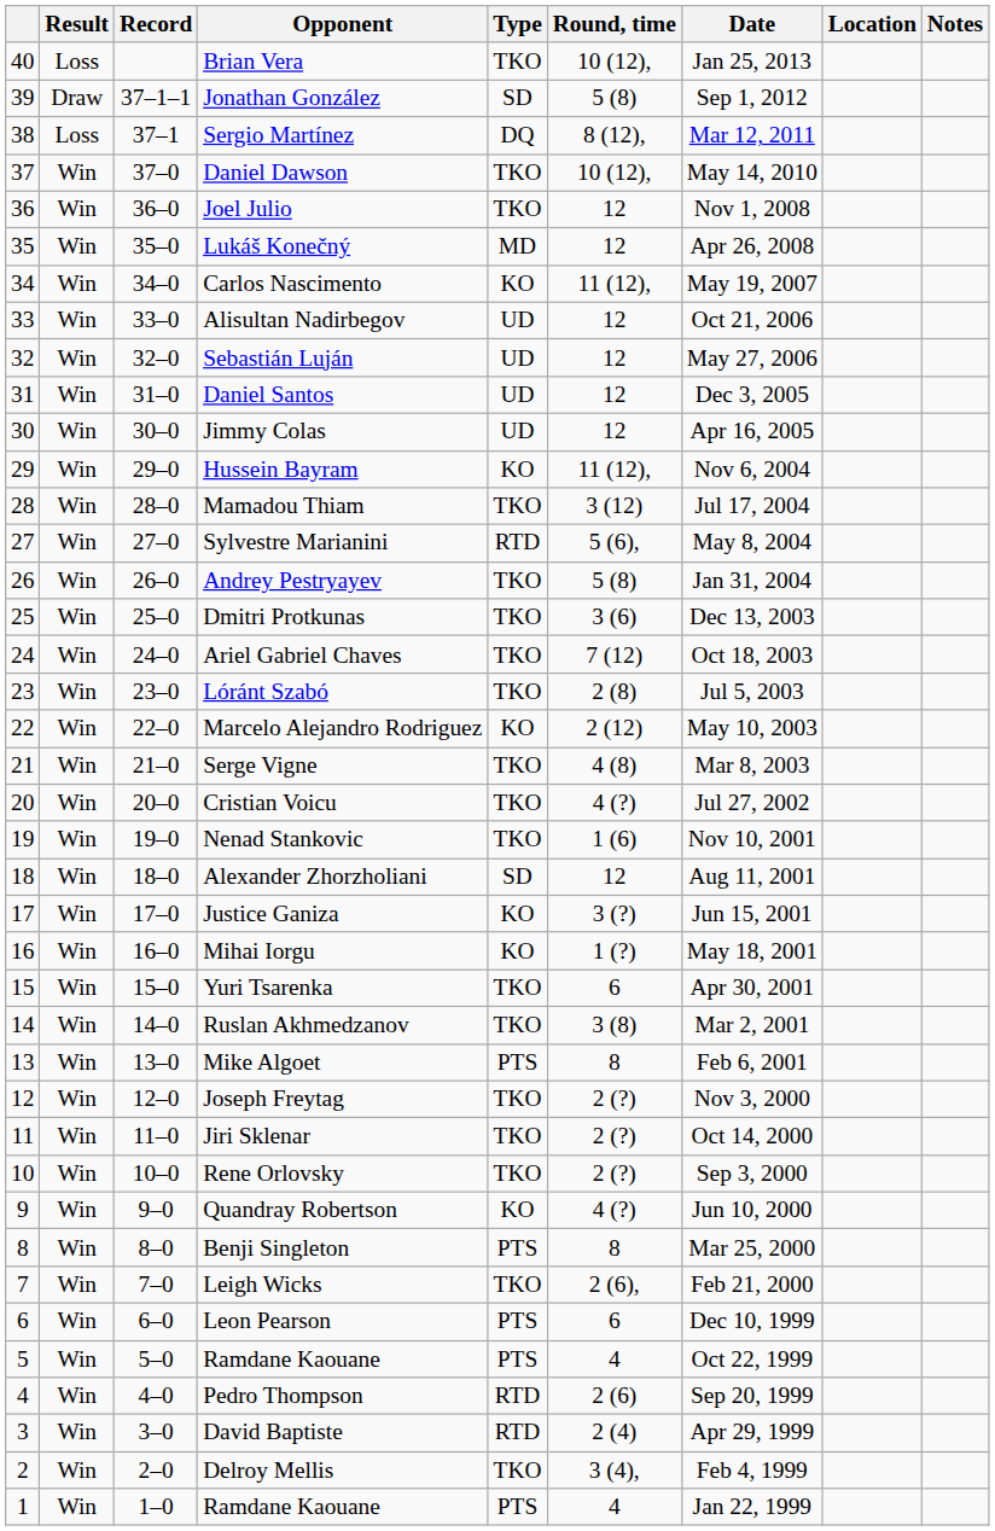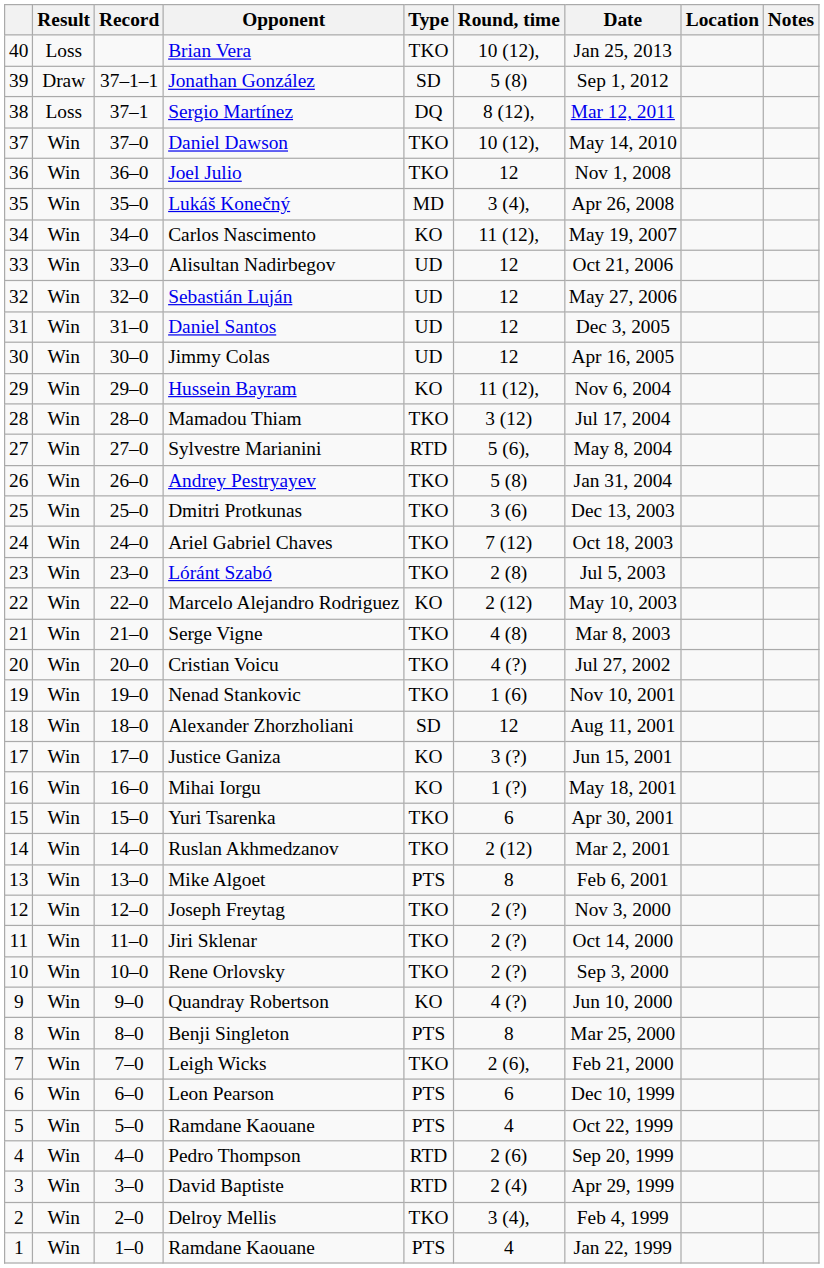 <table class="wikitable" style="text-align:center">
 <tr>
 <th></th>
 <th>Result</th>
 <th>Record</th>
 <th>Opponent</th>
 <th>Type</th>
 <th>Round, time</th>
 <th>Date</th>
 <th>Location</th>
 <th>Notes</th>
 </tr>
 <tr>
 <td>40</td>
 <td>Loss</td>
 <td></td>
 <td align=left><a href='#'>Brian Vera</a></td>
 <td>TKO</td>
 <td>10 (12), </td>
 <td>Jan 25, 2013</td>
 <td align=left></td>
 <td align=left></td>
 </tr>
 <tr>
 <td>39</td>
 <td>Draw</td>
 <td>37–1–1</td>
 <td align=left><a href='#'>Jonathan González</a></td>
 <td>SD</td>
 <td>5 (8)</td>
 <td>Sep 1, 2012</td>
 <td align=left></td>
 <td align=left></td>
 </tr>
 <tr>
 <td>38</td>
 <td>Loss</td>
 <td>37–1</td>
 <td align=left><a href='#'>Sergio Martínez</a></td>
 <td>DQ</td>
 <td>8 (12), </td>
 <td><a href='#'>Mar 12, 2011</a></td>
 <td align=left></td>
 <td align=left></td>
 </tr>
 <tr>
 <td>37</td>
 <td>Win</td>
 <td>37–0</td>
 <td align=left><a href='#'>Daniel Dawson</a></td>
 <td>TKO</td>
 <td>10 (12), </td>
 <td>May 14, 2010</td>
 <td align=left></td>
 <td align=left></td>
 </tr>
 <tr>
 <td>36</td>
 <td>Win</td>
 <td>36–0</td>
 <td align=left><a href='#'>Joel Julio</a></td>
 <td>TKO</td>
 <td>12</td>
 <td>Nov 1, 2008</td>
 <td align=left></td>
 <td align=left></td>
 </tr>
 <tr>
 <td>35</td>
 <td>Win</td>
 <td>35–0</td>
 <td align=left><a href='#'>Lukáš Konečný</a></td>
 <td>MD</td>
-<td>12</td>
+<td>3 (4), </td>
 <td>Apr 26, 2008</td>
 <td align=left></td>
 <td align=left></td>
 </tr>
 <tr>
 <td>34</td>
 <td>Win</td>
 <td>34–0</td>
 <td align=left>Carlos Nascimento</td>
 <td>KO</td>
 <td>11 (12), </td>
 <td>May 19, 2007</td>
 <td align=left></td>
 <td align=left></td>
 </tr>
 <tr>
 <td>33</td>
 <td>Win</td>
 <td>33–0</td>
 <td align=left>Alisultan Nadirbegov</td>
 <td>UD</td>
 <td>12</td>
 <td>Oct 21, 2006</td>
 <td align=left></td>
 <td align=left></td>
 </tr>
 <tr>
 <td>32</td>
 <td>Win</td>
 <td>32–0</td>
 <td align=left><a href='#'>Sebastián Luján</a></td>
 <td>UD</td>
 <td>12</td>
 <td>May 27, 2006</td>
 <td align=left></td>
 <td align=left></td>
 </tr>
 <tr>
 <td>31</td>
 <td>Win</td>
 <td>31–0</td>
 <td align=left><a href='#'>Daniel Santos</a></td>
 <td>UD</td>
 <td>12</td>
 <td>Dec 3, 2005</td>
 <td align=left></td>
 <td align=left></td>
 </tr>
 <tr>
 <td>30</td>
 <td>Win</td>
 <td>30–0</td>
 <td align=left>Jimmy Colas</td>
 <td>UD</td>
 <td>12</td>
 <td>Apr 16, 2005</td>
 <td align=left></td>
 <td align=left></td>
 </tr>
 <tr>
 <td>29</td>
 <td>Win</td>
 <td>29–0</td>
 <td align=left><a href='#'>Hussein Bayram</a></td>
 <td>KO</td>
 <td>11 (12), </td>
 <td>Nov 6, 2004</td>
 <td align=left></td>
 <td align=left></td>
 </tr>
 <tr>
 <td>28</td>
 <td>Win</td>
 <td>28–0</td>
 <td align=left>Mamadou Thiam</td>
 <td>TKO</td>
 <td>3 (12)</td>
 <td>Jul 17, 2004</td>
 <td align=left></td>
 <td align=left></td>
 </tr>
 <tr>
 <td>27</td>
 <td>Win</td>
 <td>27–0</td>
 <td align=left>Sylvestre Marianini</td>
 <td>RTD</td>
 <td>5 (6), </td>
 <td>May 8, 2004</td>
 <td align=left></td>
 <td align=left></td>
 </tr>
 <tr>
 <td>26</td>
 <td>Win</td>
 <td>26–0</td>
 <td align=left><a href='#'>Andrey Pestryayev</a></td>
 <td>TKO</td>
 <td>5 (8)</td>
 <td>Jan 31, 2004</td>
 <td align=left></td>
 <td align=left></td>
 </tr>
 <tr>
 <td>25</td>
 <td>Win</td>
 <td>25–0</td>
 <td align=left>Dmitri Protkunas</td>
 <td>TKO</td>
 <td>3 (6)</td>
 <td>Dec 13, 2003</td>
 <td align=left></td>
 <td align=left></td>
 </tr>
 <tr>
 <td>24</td>
 <td>Win</td>
 <td>24–0</td>
 <td align=left>Ariel Gabriel Chaves</td>
 <td>TKO</td>
 <td>7 (12)</td>
 <td>Oct 18, 2003</td>
 <td align=left></td>
 <td align=left></td>
 </tr>
 <tr>
 <td>23</td>
 <td>Win</td>
 <td>23–0</td>
 <td align=left><a href='#'>Lóránt Szabó</a></td>
 <td>TKO</td>
 <td>2 (8)</td>
 <td>Jul 5, 2003</td>
 <td align=left></td>
 <td align=left></td>
 </tr>
 <tr>
 <td>22</td>
 <td>Win</td>
 <td>22–0</td>
 <td align=left>Marcelo Alejandro Rodriguez</td>
 <td>KO</td>
 <td>2 (12)</td>
 <td>May 10, 2003</td>
 <td align=left></td>
 <td align=left></td>
 </tr>
 <tr>
 <td>21</td>
 <td>Win</td>
 <td>21–0</td>
 <td align=left>Serge Vigne</td>
 <td>TKO</td>
 <td>4 (8)</td>
 <td>Mar 8, 2003</td>
 <td align=left></td>
 <td align=left></td>
 </tr>
 <tr>
 <td>20</td>
 <td>Win</td>
 <td>20–0</td>
 <td align=left>Cristian Voicu</td>
 <td>TKO</td>
 <td>4 (?)</td>
 <td>Jul 27, 2002</td>
 <td align=left></td>
 <td align=left></td>
 </tr>
 <tr>
 <td>19</td>
 <td>Win</td>
 <td>19–0</td>
 <td align=left>Nenad Stankovic</td>
 <td>TKO</td>
 <td>1 (6)</td>
 <td>Nov 10, 2001</td>
 <td align=left></td>
 <td align=left></td>
 </tr>
 <tr>
 <td>18</td>
 <td>Win</td>
 <td>18–0</td>
 <td align=left>Alexander Zhorzholiani</td>
 <td>SD</td>
 <td>12</td>
 <td>Aug 11, 2001</td>
 <td align=left></td>
 <td align=left></td>
 </tr>
 <tr>
 <td>17</td>
 <td>Win</td>
 <td>17–0</td>
 <td align=left>Justice Ganiza</td>
 <td>KO</td>
 <td>3 (?)</td>
 <td>Jun 15, 2001</td>
 <td align=left></td>
 <td align=left></td>
 </tr>
 <tr>
 <td>16</td>
 <td>Win</td>
 <td>16–0</td>
 <td align=left>Mihai Iorgu</td>
 <td>KO</td>
 <td>1 (?)</td>
 <td>May 18, 2001</td>
 <td align=left></td>
 <td align=left></td>
 </tr>
 <tr>
 <td>15</td>
 <td>Win</td>
 <td>15–0</td>
 <td align=left>Yuri Tsarenka</td>
 <td>TKO</td>
 <td>6</td>
 <td>Apr 30, 2001</td>
 <td align=left></td>
 <td align=left></td>
 </tr>
 <tr>
 <td>14</td>
 <td>Win</td>
 <td>14–0</td>
 <td align=left>Ruslan Akhmedzanov</td>
 <td>TKO</td>
-<td>3 (8)</td>
+<td>2 (12)</td>
 <td>Mar 2, 2001</td>
 <td align=left></td>
 <td align=left></td>
 </tr>
 <tr>
 <td>13</td>
 <td>Win</td>
 <td>13–0</td>
 <td align=left>Mike Algoet</td>
 <td>PTS</td>
 <td>8</td>
 <td>Feb 6, 2001</td>
 <td align=left></td>
 <td align=left></td>
 </tr>
 <tr>
 <td>12</td>
 <td>Win</td>
 <td>12–0</td>
 <td align=left>Joseph Freytag</td>
 <td>TKO</td>
 <td>2 (?)</td>
 <td>Nov 3, 2000</td>
 <td align=left></td>
 <td align=left></td>
 </tr>
 <tr>
 <td>11</td>
 <td>Win</td>
 <td>11–0</td>
 <td align=left>Jiri Sklenar</td>
 <td>TKO</td>
 <td>2 (?)</td>
 <td>Oct 14, 2000</td>
 <td align=left></td>
 <td align=left></td>
 </tr>
 <tr>
 <td>10</td>
 <td>Win</td>
 <td>10–0</td>
 <td align=left>Rene Orlovsky</td>
 <td>TKO</td>
 <td>2 (?)</td>
 <td>Sep 3, 2000</td>
 <td align=left></td>
 <td align=left></td>
 </tr>
 <tr>
 <td>9</td>
 <td>Win</td>
 <td>9–0</td>
 <td align=left>Quandray Robertson</td>
 <td>KO</td>
 <td>4 (?)</td>
 <td>Jun 10, 2000</td>
 <td align=left></td>
 <td align=left></td>
 </tr>
 <tr>
 <td>8</td>
 <td>Win</td>
 <td>8–0</td>
 <td align=left>Benji Singleton</td>
 <td>PTS</td>
 <td>8</td>
 <td>Mar 25, 2000</td>
 <td align=left></td>
 <td align=left></td>
 </tr>
 <tr>
 <td>7</td>
 <td>Win</td>
 <td>7–0</td>
 <td align=left>Leigh Wicks</td>
 <td>TKO</td>
 <td>2 (6), </td>
 <td>Feb 21, 2000</td>
 <td align=left></td>
 <td align=left></td>
 </tr>
 <tr>
 <td>6</td>
 <td>Win</td>
 <td>6–0</td>
 <td align=left>Leon Pearson</td>
 <td>PTS</td>
 <td>6</td>
 <td>Dec 10, 1999</td>
 <td align=left></td>
 <td align=left></td>
 </tr>
 <tr>
 <td>5</td>
 <td>Win</td>
 <td>5–0</td>
 <td align=left>Ramdane Kaouane</td>
 <td>PTS</td>
 <td>4</td>
 <td>Oct 22, 1999</td>
 <td align=left></td>
 <td align=left></td>
 </tr>
 <tr>
 <td>4</td>
 <td>Win</td>
 <td>4–0</td>
 <td align=left>Pedro Thompson</td>
 <td>RTD</td>
 <td>2 (6)</td>
 <td>Sep 20, 1999</td>
 <td align=left></td>
 <td align=left></td>
 </tr>
 <tr>
 <td>3</td>
 <td>Win</td>
 <td>3–0</td>
 <td align=left>David Baptiste</td>
 <td>RTD</td>
 <td>2 (4)</td>
 <td>Apr 29, 1999</td>
 <td align=left></td>
 <td align=left></td>
 </tr>
 <tr>
 <td>2</td>
 <td>Win</td>
 <td>2–0</td>
 <td align=left>Delroy Mellis</td>
 <td>TKO</td>
 <td>3 (4), </td>
 <td>Feb 4, 1999</td>
 <td align=left></td>
 <td align=left></td>
 </tr>
 <tr>
 <td>1</td>
 <td>Win</td>
 <td>1–0</td>
 <td align=left>Ramdane Kaouane</td>
 <td>PTS</td>
 <td>4</td>
 <td>Jan 22, 1999</td>
 <td align=left></td>
 <td align=left></td>
 </tr>
 </table>
